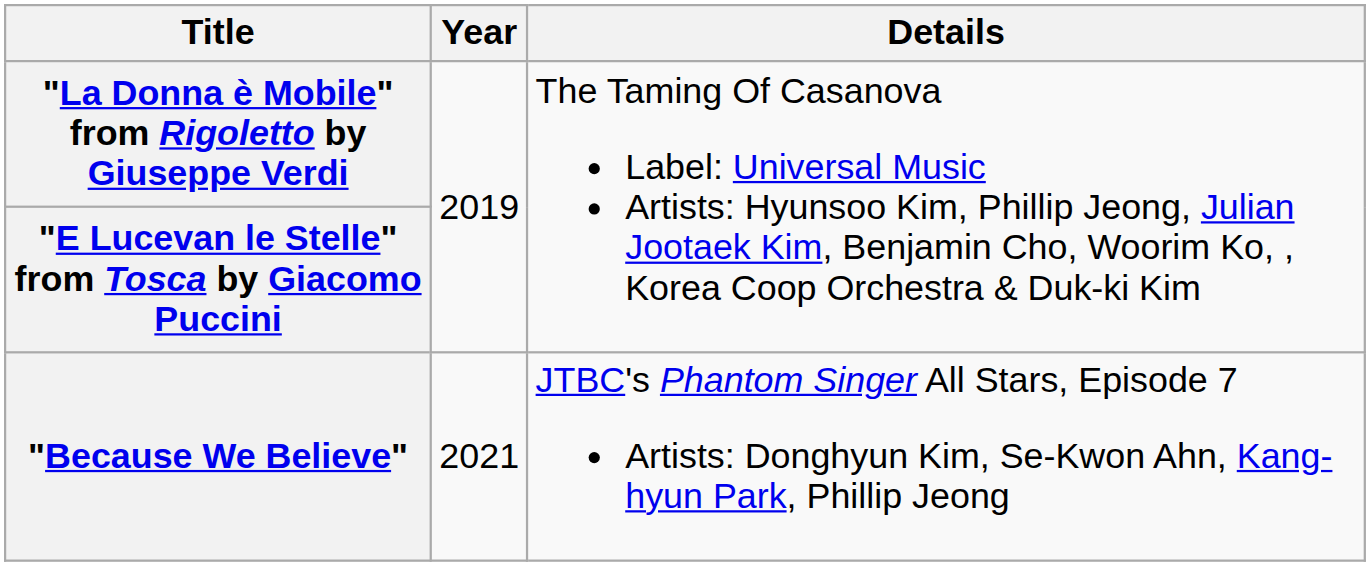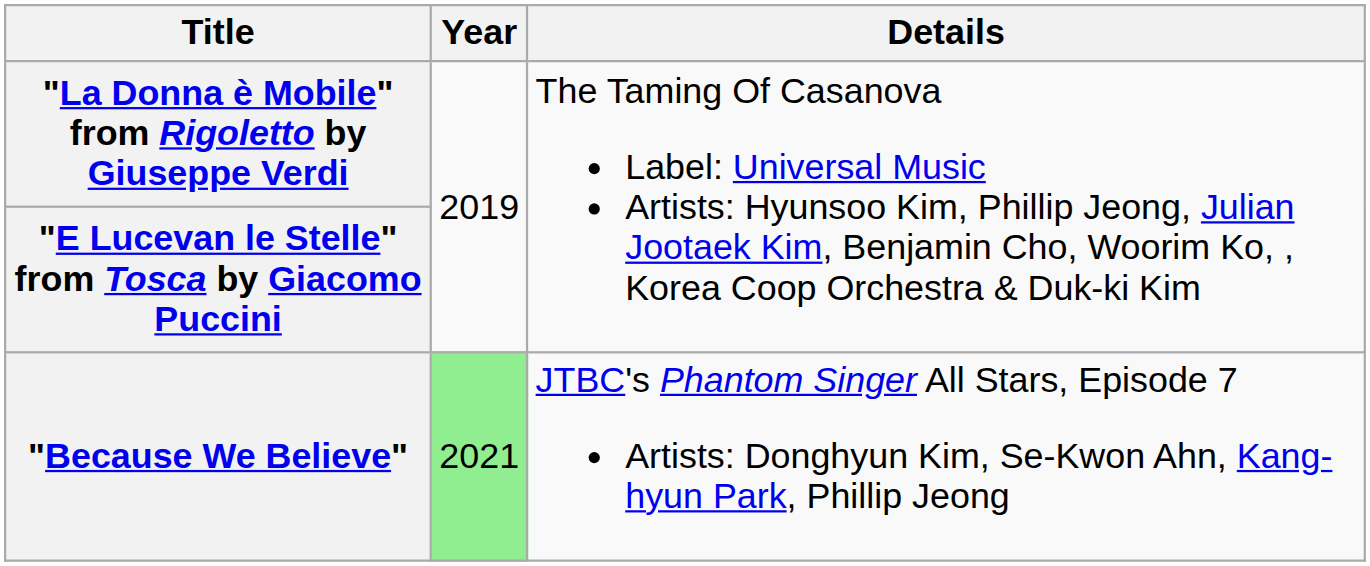 <table class="wikitable plainrowheaders">
 <tr>
 <th scope="col">Title</th>
 <th scope="col">Year</th>
 <th scope="col">Details</th>
 </tr>
 <tr>
 <th scope="row">"<a href='#'>La Donna è Mobile</a>" from <em><a href='#'>Rigoletto</a></em> by <a href='#'>Giuseppe Verdi</a></th>
 <td rowspan="2">2019</td>
 <td rowspan="2">The Taming Of Casanova<br><ul><li>Label: <a href='#'>Universal Music</a></li><li>Artists: Hyunsoo Kim, Phillip Jeong, <a href='#'>Julian Jootaek Kim</a>, Benjamin Cho, Woorim Ko, , Korea Coop Orchestra & Duk-ki Kim</li></ul></td>
 </tr>
 <tr>
 <th scope="row">"<a href='#'>E Lucevan le Stelle</a>" from <em><a href='#'>Tosca</a></em> by <a href='#'>Giacomo Puccini</a></th>
 </tr>
 <tr>
 <th>"<a href='#'>Because We Believe</a>"</th>
-<td>2021</td>
+<td style="background: lightgreen;">2021</td>
 <td><a href='#'>JTBC</a>'s <em><a href='#'>Phantom Singer</a></em> All Stars, Episode 7<br><ul><li>Artists: Donghyun Kim, Se-Kwon Ahn, <a href='#'>Kang-hyun Park</a>, Phillip Jeong</li></ul></td>
 </tr>
 </table>
